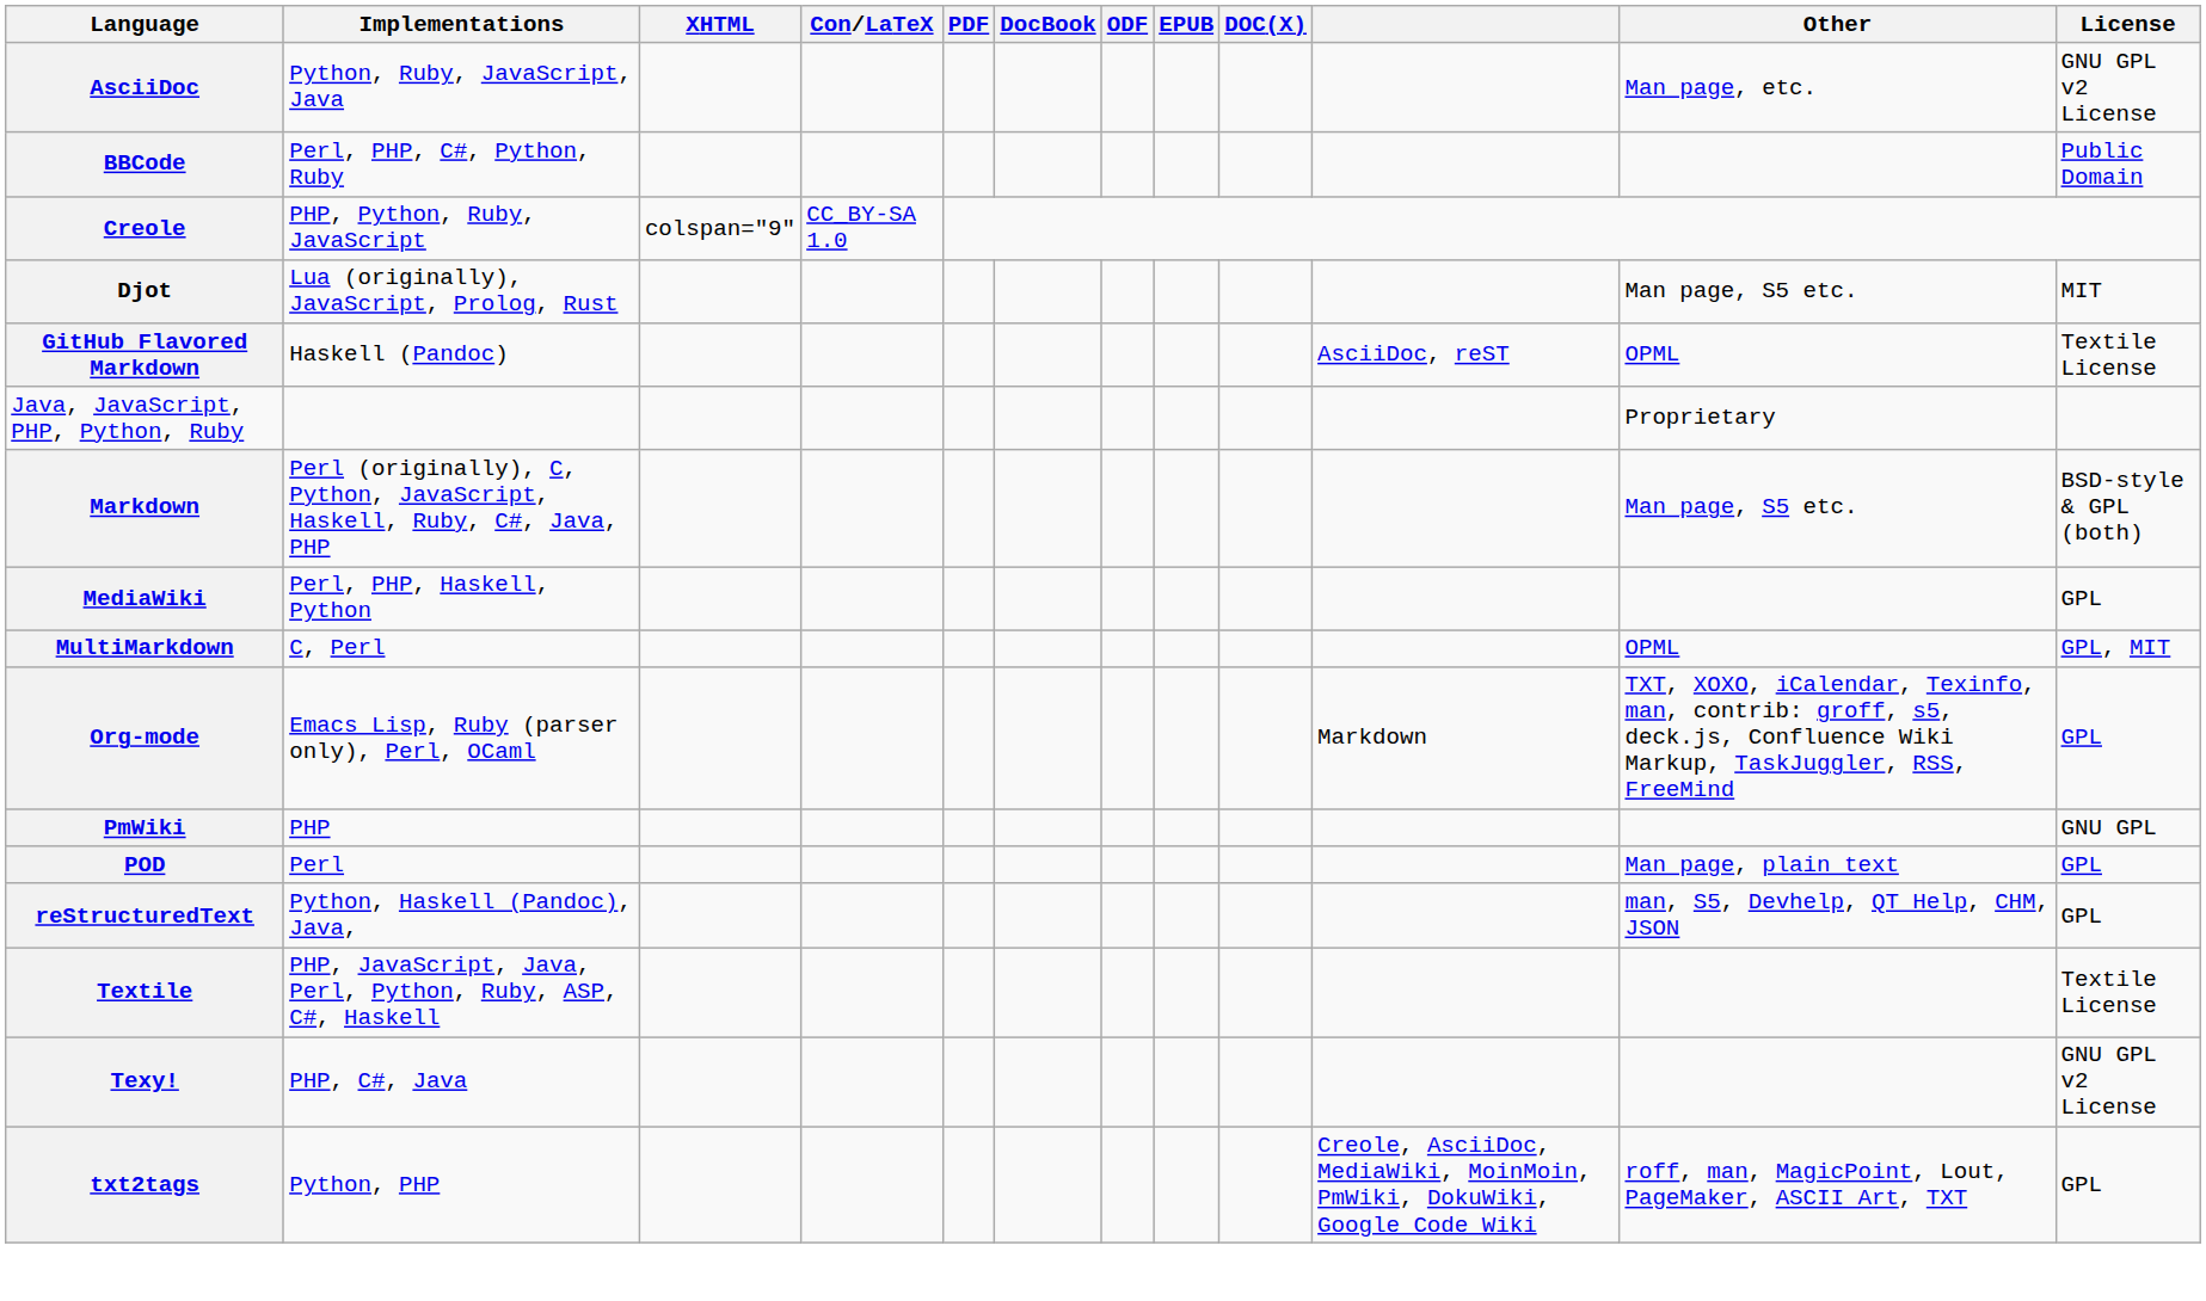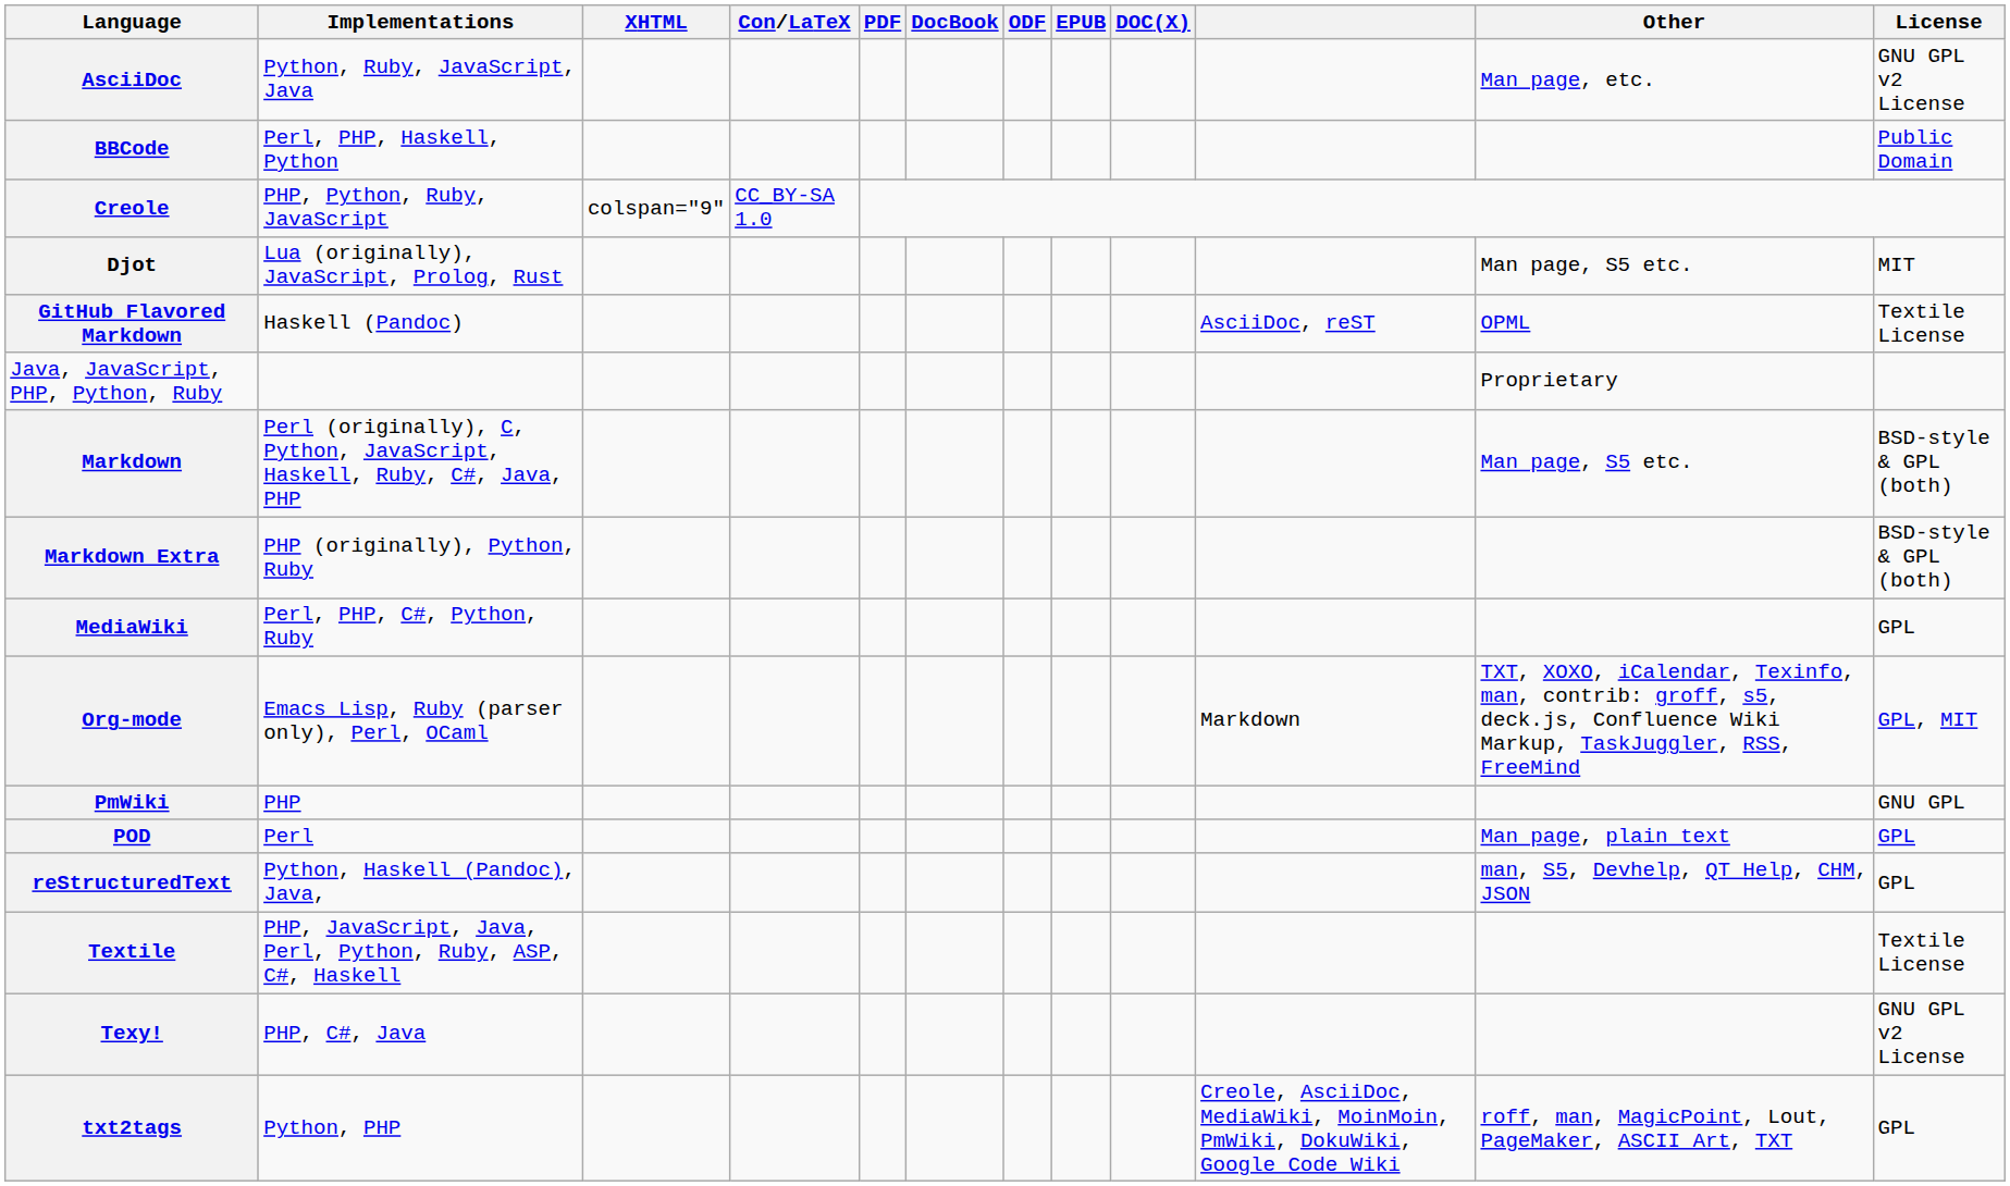 <table class="wikitable sortable sort-under">
 <tr>
 <th>Language</th>
 <th>Implementations</th>
 <th><a href='#'>X</a><a href='#'>HTML</a></th>
 <th><a href='#'>Con</a>/<a href='#'>La</a><a href='#'>TeX</a></th>
 <th><a href='#'>PDF</a></th>
 <th><a href='#'>DocBook</a></th>
 <th><a href='#'>ODF</a></th>
 <th><a href='#'>EPUB</a></th>
 <th><a href='#'>DOC</a><a href='#'>(X)</a></th>
 <th></th>
 <th>Other</th>
 <th>License</th>
 </tr>
 <tr>
 <th><a href='#'>AsciiDoc</a></th>
 <td><a href='#'>Python</a>, <a href='#'>Ruby</a>, <a href='#'>JavaScript</a>, <a href='#'>Java</a></td>
 <td></td>
 <td></td>
 <td></td>
 <td></td>
 <td></td>
 <td></td>
 <td></td>
 <td></td>
 <td><a href='#'>Man page</a>, etc.</td>
 <td>GNU GPL v2 License</td>
 </tr>
 <tr>
 <th><a href='#'>BBCode</a></th>
-<td><a href='#'>Perl</a>, <a href='#'>PHP</a>, <a href='#'>C#</a>, <a href='#'>Python</a>, <a href='#'>Ruby</a></td>
+<td><a href='#'>Perl</a>, <a href='#'>PHP</a>, <a href='#'>Haskell</a>, <a href='#'>Python</a></td>
 <td></td>
 <td></td>
 <td></td>
 <td></td>
 <td></td>
 <td></td>
 <td></td>
 <td></td>
 <td></td>
 <td><a href='#'>Public Domain</a></td>
 </tr>
 <tr>
 <th><a href='#'>Creole</a></th>
 <td><a href='#'>PHP</a>, <a href='#'>Python</a>, <a href='#'>Ruby</a>, <a href='#'>JavaScript</a></td>
 <td>colspan="9" </td>
 <td><a href='#'>CC_BY-SA 1.0</a></td>
 </tr>
 <tr>
 <th>Djot</th>
 <td><a href='#'>Lua</a> (originally), <a href='#'>JavaScript</a>, <a href='#'>Prolog</a>, <a href='#'>Rust</a></td>
 <td></td>
 <td></td>
 <td></td>
 <td></td>
 <td></td>
 <td></td>
 <td></td>
 <td></td>
 <td>Man page, S5 etc.</td>
 <td>MIT</td>
 </tr>
 <tr>
 <th><a href='#'>GitHub Flavored Markdown</a></th>
 <td>Haskell (<a href='#'>Pandoc</a>)</td>
 <td></td>
 <td></td>
 <td></td>
 <td></td>
 <td></td>
 <td></td>
 <td></td>
 <td><a href='#'>AsciiDoc</a>, <a href='#'>reST</a></td>
 <td><a href='#'>OPML</a></td>
 <td>Textile License</td>
 </tr>
 <tr>
 <td><a href='#'>Java</a>, <a href='#'>JavaScript</a>, <a href='#'>PHP</a>, <a href='#'>Python</a>, <a href='#'>Ruby</a></td>
 <td></td>
 <td></td>
 <td></td>
 <td></td>
 <td></td>
 <td></td>
 <td></td>
 <td></td>
 <td></td>
 <td>Proprietary</td>
 </tr>
 <tr>
 <th><a href='#'>Markdown</a></th>
 <td><a href='#'>Perl</a> (originally), <a href='#'>C</a>, <a href='#'>Python</a>, <a href='#'>JavaScript</a>, <a href='#'>Haskell</a>, <a href='#'>Ruby</a>, <a href='#'>C#</a>, <a href='#'>Java</a>, <a href='#'>PHP</a></td>
 <td></td>
 <td></td>
 <td></td>
 <td></td>
 <td></td>
 <td></td>
 <td></td>
 <td></td>
 <td><a href='#'>Man page</a>, <a href='#'>S5</a> etc.</td>
 <td>BSD-style & GPL (both)</td>
 </tr>
 <tr>
+<th><a href='#'>Markdown Extra</a></th>
+<td><a href='#'>PHP</a> (originally), <a href='#'>Python</a>, <a href='#'>Ruby</a></td>
+<td></td>
+<td></td>
+<td></td>
+<td></td>
+<td></td>
+<td></td>
+<td></td>
+<td></td>
+<td></td>
+<td>BSD-style & GPL (both)</td>
+</tr>
+<tr>
 <th><a href='#'>MediaWiki</a></th>
-<td><a href='#'>Perl</a>, <a href='#'>PHP</a>, <a href='#'>Haskell</a>, <a href='#'>Python</a></td>
+<td><a href='#'>Perl</a>, <a href='#'>PHP</a>, <a href='#'>C#</a>, <a href='#'>Python</a>, <a href='#'>Ruby</a></td>
 <td></td>
 <td></td>
 <td></td>
 <td></td>
 <td></td>
 <td></td>
 <td></td>
 <td></td>
 <td></td>
 <td>GPL</td>
-</tr>
-<tr>
-<th><a href='#'>MultiMarkdown</a></th>
-<td><a href='#'>C</a>, <a href='#'>Perl</a></td>
-<td></td>
-<td></td>
-<td></td>
-<td></td>
-<td></td>
-<td></td>
-<td></td>
-<td></td>
-<td><a href='#'>OPML</a></td>
-<td><a href='#'>GPL</a>, <a href='#'>MIT</a></td>
 </tr>
 <tr>
 <th><a href='#'>Org-mode</a></th>
 <td><a href='#'>Emacs Lisp</a>, <a href='#'>Ruby</a> (parser only), <a href='#'>Perl</a>, <a href='#'>OCaml</a></td>
 <td></td>
 <td></td>
 <td></td>
 <td></td>
 <td></td>
 <td></td>
 <td></td>
 <td>Markdown</td>
 <td><a href='#'>TXT</a>, <a href='#'>XOXO</a>, <a href='#'>iCalendar</a>, <a href='#'>Texinfo</a>, <a href='#'>man</a>, contrib: <a href='#'>groff</a>, <a href='#'>s5</a>, deck.js, Confluence Wiki Markup, <a href='#'>TaskJuggler</a>, <a href='#'>RSS</a>, <a href='#'>FreeMind</a></td>
-<td><a href='#'>GPL</a></td>
+<td><a href='#'>GPL</a>, <a href='#'>MIT</a></td>
 </tr>
 <tr>
 <th><a href='#'>PmWiki</a></th>
 <td><a href='#'>PHP</a></td>
 <td></td>
 <td></td>
 <td></td>
 <td></td>
 <td></td>
 <td></td>
 <td></td>
 <td></td>
 <td></td>
 <td>GNU GPL</td>
 </tr>
 <tr>
 <th><a href='#'>POD</a></th>
 <td><a href='#'>Perl</a></td>
 <td></td>
 <td></td>
 <td></td>
 <td></td>
 <td></td>
 <td></td>
 <td></td>
 <td></td>
 <td><a href='#'>Man page</a>, <a href='#'>plain text</a></td>
 <td><a href='#'>GPL</a></td>
 </tr>
 <tr>
 <th><a href='#'>reStructuredText</a></th>
 <td><a href='#'>Python</a>, <a href='#'>Haskell (Pandoc)</a>, <a href='#'>Java</a>,</td>
 <td></td>
 <td></td>
 <td></td>
 <td></td>
 <td></td>
 <td></td>
 <td></td>
 <td></td>
 <td><a href='#'>man</a>, <a href='#'>S5</a>, <a href='#'>Devhelp</a>, <a href='#'>QT Help</a>, <a href='#'>CHM</a>, <a href='#'>JSON</a></td>
 <td>GPL</td>
 </tr>
 <tr>
 <th><a href='#'>Textile</a></th>
 <td><a href='#'>PHP</a>, <a href='#'>JavaScript</a>, <a href='#'>Java</a>, <a href='#'>Perl</a>, <a href='#'>Python</a>, <a href='#'>Ruby</a>, <a href='#'>ASP</a>, <a href='#'>C#</a>, <a href='#'>Haskell</a></td>
 <td></td>
 <td></td>
 <td></td>
 <td></td>
 <td></td>
 <td></td>
 <td></td>
 <td></td>
 <td></td>
 <td>Textile License</td>
 </tr>
 <tr>
 <th><a href='#'>Texy!</a></th>
 <td><a href='#'>PHP</a>, <a href='#'>C#</a>, <a href='#'>Java</a> </td>
 <td></td>
 <td></td>
 <td></td>
 <td></td>
 <td></td>
 <td></td>
 <td></td>
 <td></td>
 <td></td>
 <td>GNU GPL v2 License</td>
 </tr>
 <tr>
 <th><a href='#'>txt2tags</a></th>
 <td><a href='#'>Python</a>, <a href='#'>PHP</a></td>
 <td></td>
 <td></td>
 <td></td>
 <td></td>
 <td></td>
 <td></td>
 <td></td>
 <td><a href='#'>Creole</a>, <a href='#'>AsciiDoc</a>, <a href='#'>MediaWiki</a>, <a href='#'>MoinMoin</a>, <a href='#'>PmWiki</a>, <a href='#'>DokuWiki</a>, <a href='#'>Google Code Wiki</a></td>
 <td><a href='#'>roff</a>, <a href='#'>man</a>, <a href='#'>MagicPoint</a>, Lout, <a href='#'>PageMaker</a>, <a href='#'>ASCII Art</a>, <a href='#'>TXT</a></td>
 <td>GPL</td>
 </tr>
 </table>
